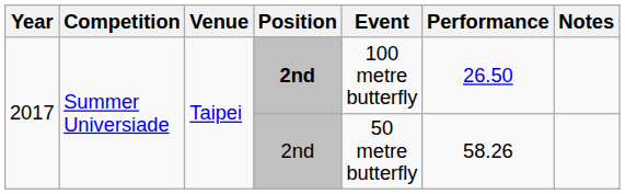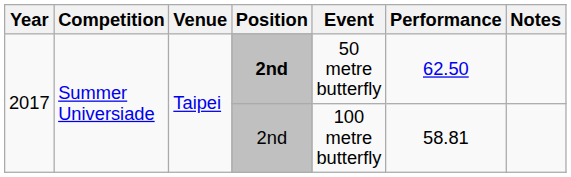 <table class="wikitable" width=55% style="font-size:90%; text-align:center;">
 <tr>
 <th>Year</th>
 <th>Competition</th>
 <th>Venue</th>
 <th>Position</th>
 <th>Event</th>
 <th>Performance</th>
 <th>Notes</th>
 </tr>
 <tr>
 <td rowspan=2>2017</td>
 <td align=left rowspan=2><a href='#'>Summer Universiade</a></td>
 <td align=left rowspan=2> <a href='#'>Taipei</a></td>
 <td bgcolor=silver><strong>2nd</strong></td>
-<td>100 metre butterfly</td>
-<td><a href='#'>26.50</a></td>
+<td>50 metre butterfly</td>
+<td><a href='#'>62.50</a></td>
 <td></td>
 </tr>
 <tr>
 <td bgcolor=silver>2nd</td>
-<td>50 metre butterfly</td>
-<td>58.26</td>
+<td>100 metre butterfly</td>
+<td>58.81</td>
 <td></td>
 </tr>
 </table>
